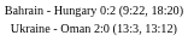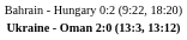 <table style="text-align:center">
 <tr>
 <th width=500></th>
 </tr>
 <tr>
 <td>Bahrain - Hungary 0:2 (9:22, 18:20)</td>
 </tr>
 <tr>
-<td>Ukraine - Oman 2:0 (13:3, 13:12)</td>
+<td><strong>Ukraine - Oman 2:0 (13:3, 13:12)</strong></td>
 </tr>
 <tr>
 </tr>
 </table>
